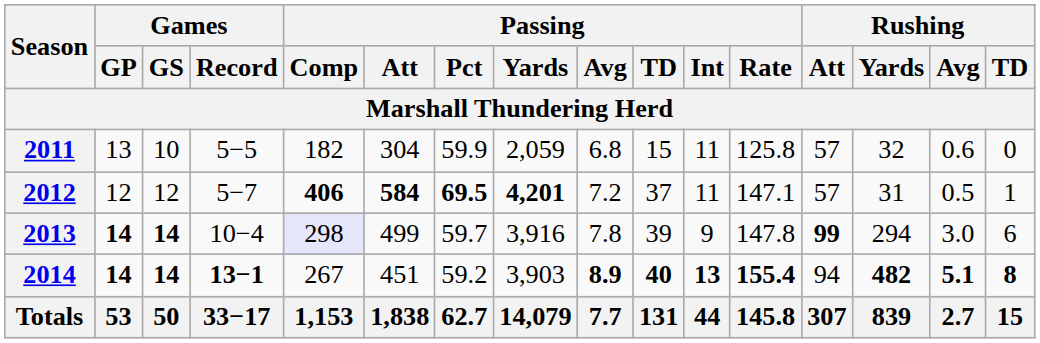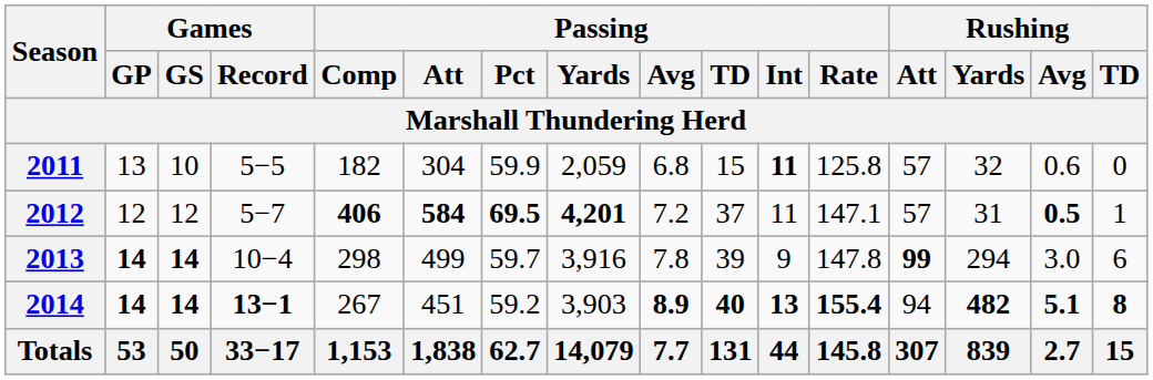 <table class="wikitable" style="text-align:center;">
 <tr>
 <th rowspan="2">Season</th>
 <th colspan="3">Games</th>
 <th colspan="8">Passing</th>
 <th colspan="4">Rushing</th>
 </tr>
 <tr>
 <th>GP</th>
 <th>GS</th>
 <th>Record</th>
 <th>Comp</th>
 <th>Att</th>
 <th>Pct</th>
 <th>Yards</th>
 <th>Avg</th>
 <th>TD</th>
 <th>Int</th>
 <th>Rate</th>
 <th>Att</th>
 <th>Yards</th>
 <th>Avg</th>
 <th>TD</th>
 </tr>
 <tr>
 <th colspan="16">Marshall Thundering Herd</th>
 </tr>
 <tr>
 <th><a href='#'>2011</a></th>
 <td>13</td>
 <td>10</td>
 <td>5−5</td>
 <td>182</td>
 <td>304</td>
 <td>59.9</td>
 <td>2,059</td>
 <td>6.8</td>
 <td>15</td>
-<td>11</td>
+<td><strong>11</strong></td>
 <td>125.8</td>
 <td>57</td>
 <td>32</td>
 <td>0.6</td>
 <td>0</td>
 </tr>
 <tr>
 <th><a href='#'>2012</a></th>
 <td>12</td>
 <td>12</td>
 <td>5−7</td>
 <td><strong>406</strong></td>
 <td><strong>584</strong></td>
 <td><strong>69.5</strong></td>
 <td><strong>4,201</strong></td>
 <td>7.2</td>
 <td>37</td>
 <td>11</td>
 <td>147.1</td>
 <td>57</td>
 <td>31</td>
-<td>0.5</td>
+<td><strong>0.5</strong></td>
 <td>1</td>
 </tr>
 <tr>
 <th><a href='#'>2013</a></th>
 <td><strong>14</strong></td>
 <td><strong>14</strong></td>
 <td>10−4</td>
-<td style="background: lavender;">298</td>
+<td>298</td>
 <td>499</td>
 <td>59.7</td>
 <td>3,916</td>
 <td>7.8</td>
 <td>39</td>
 <td>9</td>
 <td>147.8</td>
 <td><strong>99</strong></td>
 <td>294</td>
 <td>3.0</td>
 <td>6</td>
 </tr>
 <tr>
 <th><a href='#'>2014</a></th>
 <td><strong>14</strong></td>
 <td><strong>14</strong></td>
 <td><strong>13−1</strong></td>
 <td>267</td>
 <td>451</td>
 <td>59.2</td>
 <td>3,903</td>
 <td><strong>8.9</strong></td>
 <td><strong>40</strong></td>
 <td><strong>13</strong></td>
 <td><strong>155.4</strong></td>
 <td>94</td>
 <td><strong>482</strong></td>
 <td><strong>5.1</strong></td>
 <td><strong>8</strong></td>
 </tr>
 <tr>
 <th>Totals</th>
 <th>53</th>
 <th>50</th>
 <th>33−17</th>
 <th>1,153</th>
 <th>1,838</th>
 <th>62.7</th>
 <th>14,079</th>
 <th>7.7</th>
 <th>131</th>
 <th>44</th>
 <th>145.8</th>
 <th>307</th>
 <th>839</th>
 <th>2.7</th>
 <th>15</th>
 </tr>
 </table>
